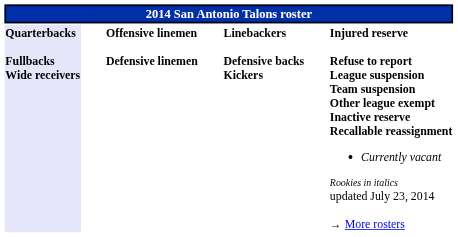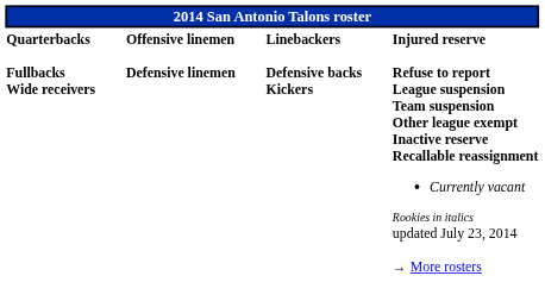 <table class="toccolours" style="text-align: left;">
 <tr>
 <th colspan=7 style="background:#002FA7; border: 2px solid #000; color:white; text-align:center;"><strong>2014 San Antonio Talons roster</strong></th>
 </tr>
 <tr>
-<td style="background: lavender; font-size: 95%;" valign="top"><strong>Quarterbacks</strong><br> <br><strong>Fullbacks</strong> <br><strong>Wide receivers</strong>     </td>
+<td style="font-size: 95%;" valign="top"><strong>Quarterbacks</strong><br> <br><strong>Fullbacks</strong> <br><strong>Wide receivers</strong>     </td>
 <td style="width: 25px;"></td>
 <td style="font-size: 95%;" valign="top"><strong>Offensive linemen</strong><br>   <br><strong>Defensive linemen</strong>    </td>
 <td style="width: 25px;"></td>
 <td style="font-size: 95%;" valign="top"><strong>Linebackers</strong><br>  <br><strong>Defensive backs</strong>     <br><strong>Kickers</strong> </td>
 <td style="width: 25px;"></td>
 <td style="font-size: 95%;" valign="top"><strong>Injured reserve</strong><br>       <br><strong>Refuse to report</strong>   <br><strong>League suspension</strong>      <br><strong>Team suspension</strong> <br><strong>Other league exempt</strong>  <br><strong>Inactive reserve</strong> <br><strong>Recallable reassignment</strong><ul><li><em>Currently vacant</em></li></ul><small><em>Rookies in italics</em></small><br> <span></span> updated July 23, 2014<br> <br>→ <a href='#'>More rosters</a></td>
 </tr>
 <tr>
 </tr>
 </table>
